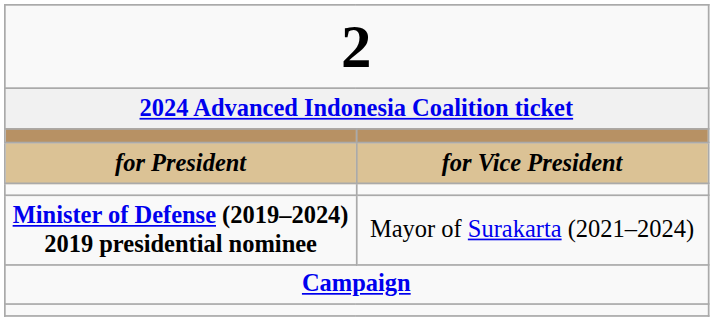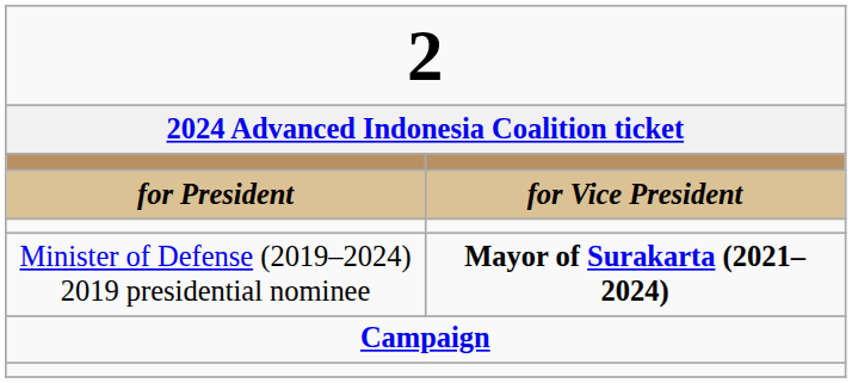 <table class="wikitable" style="font-size:90%; text-align:center;">
 <tr>
 <td colspan=2><big><big><big><big><big><strong>2</strong></big></big></big></big></big></td>
 </tr>
 <tr>
 <td colspan=2 style="background:#f1f1f1;"><strong><a href='#'>2024 Advanced Indonesia Coalition ticket</a></strong></td>
 </tr>
 <tr>
 <th style="font-size:135%; background:#B79164;"><a href='#'></a></th>
 <th style="font-size:135%; background:#B79164;"><a href='#'></a></th>
 </tr>
 <tr style="color:#000; font-size:100%; background:#DBC295;">
 <td style="width:3em; width:200px;"><strong><em>for President</em></strong></td>
 <td style="width:3em; width:200px;"><strong><em>for Vice President</em></strong></td>
 </tr>
 <tr>
 <td></td>
 <td></td>
 </tr>
 <tr>
-<td><strong><a href='#'>Minister of Defense</a> (2019–2024)<br>2019 presidential nominee</strong></td>
-<td>Mayor of <a href='#'>Surakarta</a> (2021–2024)</td>
+<td><a href='#'>Minister of Defense</a> (2019–2024)<br>2019 presidential nominee</td>
+<td><strong>Mayor of <a href='#'>Surakarta</a> (2021–2024)</strong></td>
 </tr>
 <tr>
 <td colspan=2><strong><a href='#'>Campaign</a></strong></td>
 </tr>
 <tr>
 <td colspan=2></td>
 </tr>
 </table>
